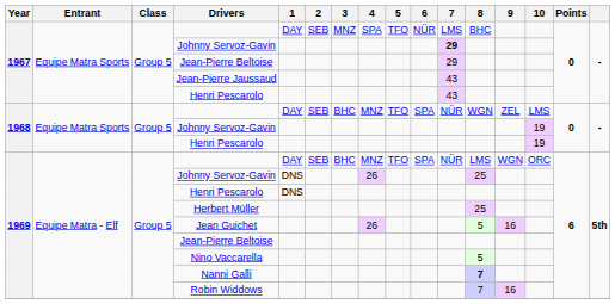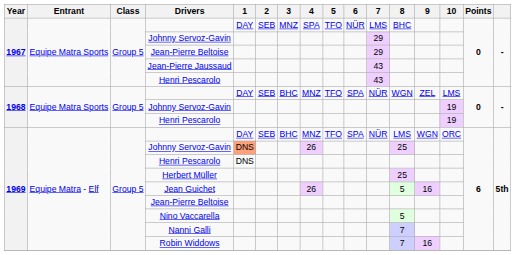 <table class="wikitable" style="text-align:center; font-size:90%">
 <tr>
 <th>Year</th>
 <th>Entrant</th>
 <th>Class</th>
 <th>Drivers</th>
 <th>1</th>
 <th>2</th>
 <th>3</th>
 <th>4</th>
 <th>5</th>
 <th>6</th>
 <th>7</th>
 <th>8</th>
 <th>9</th>
 <th>10</th>
 <th>Points</th>
 <th></th>
 </tr>
 <tr>
 <th rowspan="5"><a href='#'>1967</a></th>
 <td rowspan="5" align="left"><a href='#'>Equipe Matra Sports</a></td>
 <td rowspan="5"><a href='#'>Group 5</a></td>
 <td></td>
 <td><a href='#'>DAY</a></td>
 <td><a href='#'>SEB</a></td>
 <td><a href='#'>MNZ</a></td>
 <td><a href='#'>SPA</a></td>
 <td><a href='#'>TFO</a></td>
 <td><a href='#'>NÜR</a></td>
 <td><a href='#'>LMS</a></td>
 <td><a href='#'>BHC</a></td>
 <td></td>
 <td></td>
 <td rowspan="5"><strong>0</strong></td>
 <td rowspan="5"><strong>-</strong></td>
 </tr>
 <tr>
 <td> <a href='#'>Johnny Servoz-Gavin</a></td>
 <td></td>
 <td></td>
 <td></td>
 <td></td>
 <td></td>
 <td></td>
-<td style="background:#efcfff;"><strong>29</strong></td>
+<td style="background:#efcfff;">29</td>
 <td></td>
 <td></td>
 <td></td>
 </tr>
 <tr>
 <td> <a href='#'>Jean-Pierre Beltoise</a></td>
 <td></td>
 <td></td>
 <td></td>
 <td></td>
 <td></td>
 <td></td>
 <td style="background:#efcfff;">29</td>
 <td></td>
 <td></td>
 <td></td>
 </tr>
 <tr>
 <td> <a href='#'>Jean-Pierre Jaussaud</a></td>
 <td></td>
 <td></td>
 <td></td>
 <td></td>
 <td></td>
 <td></td>
 <td style="background:#efcfff;">43</td>
 <td></td>
 <td></td>
 <td></td>
 </tr>
 <tr>
 <td> <a href='#'>Henri Pescarolo</a></td>
 <td></td>
 <td></td>
 <td></td>
 <td></td>
 <td></td>
 <td></td>
 <td style="background:#efcfff;">43</td>
 <td></td>
 <td></td>
 <td></td>
 </tr>
 <tr>
 <th rowspan="3"><a href='#'>1968</a></th>
 <td rowspan="3" align="left"><a href='#'>Equipe Matra Sports</a></td>
 <td rowspan="3"><a href='#'>Group 5</a></td>
 <td></td>
 <td><a href='#'>DAY</a></td>
 <td><a href='#'>SEB</a></td>
 <td><a href='#'>BHC</a></td>
 <td><a href='#'>MNZ</a></td>
 <td><a href='#'>TFO</a></td>
 <td><a href='#'>SPA</a></td>
 <td><a href='#'>NÜR</a></td>
 <td><a href='#'>WGN</a></td>
 <td><a href='#'>ZEL</a></td>
 <td><a href='#'>LMS</a></td>
 <td rowspan="3"><strong>0</strong></td>
 <td rowspan="3"><strong>-</strong></td>
 </tr>
 <tr>
 <td> <a href='#'>Johnny Servoz-Gavin</a></td>
 <td></td>
 <td></td>
 <td></td>
 <td></td>
 <td></td>
 <td></td>
 <td></td>
 <td></td>
 <td></td>
 <td style="background:#efcfff;">19</td>
 </tr>
 <tr>
 <td> <a href='#'>Henri Pescarolo</a></td>
 <td></td>
 <td></td>
 <td></td>
 <td></td>
 <td></td>
 <td></td>
 <td></td>
 <td></td>
 <td></td>
 <td style="background:#efcfff;">19</td>
 </tr>
 <tr>
 <th rowspan="9"><a href='#'>1969</a></th>
 <td rowspan="9" align="left"><a href='#'>Equipe Matra</a> - <a href='#'>Elf</a></td>
 <td rowspan="9"><a href='#'>Group 5</a></td>
 <td></td>
 <td><a href='#'>DAY</a></td>
 <td><a href='#'>SEB</a></td>
 <td><a href='#'>BHC</a></td>
 <td><a href='#'>MNZ</a></td>
 <td><a href='#'>TFO</a></td>
 <td><a href='#'>SPA</a></td>
 <td><a href='#'>NÜR</a></td>
 <td><a href='#'>LMS</a></td>
 <td><a href='#'>WGN</a></td>
 <td><a href='#'>ORC</a></td>
 <td rowspan="9"><strong>6</strong></td>
 <td rowspan="9"><strong>5th</strong></td>
 </tr>
 <tr>
 <td> <a href='#'>Johnny Servoz-Gavin</a></td>
-<td>DNS</td>
+<td style="background: lightsalmon;">DNS</td>
 <td></td>
 <td></td>
 <td style="background:#efcfff;">26</td>
 <td></td>
 <td></td>
 <td></td>
 <td style="background:#efcfff;">25</td>
 <td></td>
 <td></td>
 </tr>
 <tr>
 <td> <a href='#'>Henri Pescarolo</a></td>
 <td>DNS</td>
 <td></td>
 <td></td>
 <td></td>
 <td></td>
 <td></td>
 <td></td>
 <td></td>
 <td></td>
 <td></td>
 </tr>
 <tr>
 <td> <a href='#'>Herbert Müller</a></td>
 <td></td>
 <td></td>
 <td></td>
 <td></td>
 <td></td>
 <td></td>
 <td></td>
 <td style="background:#efcfff;">25</td>
 <td></td>
 <td></td>
 </tr>
 <tr>
 <td> <a href='#'>Jean Guichet</a></td>
 <td></td>
 <td></td>
 <td></td>
 <td style="background:#efcfff;">26</td>
 <td></td>
 <td></td>
 <td></td>
 <td style="background:#dfffdf;">5</td>
 <td style="background:#efcfff;">16</td>
 <td></td>
 </tr>
 <tr>
 <td> <a href='#'>Jean-Pierre Beltoise</a></td>
 <td></td>
 <td></td>
 <td></td>
 <td></td>
 <td></td>
 <td></td>
 <td></td>
 <td></td>
 <td></td>
 <td></td>
 </tr>
 <tr>
 <td> <a href='#'>Nino Vaccarella</a></td>
 <td></td>
 <td></td>
 <td></td>
 <td></td>
 <td></td>
 <td></td>
 <td></td>
 <td style="background:#dfffdf;">5</td>
 <td></td>
 <td></td>
 </tr>
 <tr>
 <td> <a href='#'>Nanni Galli</a></td>
 <td></td>
 <td></td>
 <td></td>
 <td></td>
 <td></td>
 <td></td>
 <td></td>
-<td style="background:#CFCFFF;"><strong>7</strong></td>
+<td style="background:#CFCFFF;">7</td>
 <td></td>
 <td></td>
 </tr>
 <tr>
 <td> <a href='#'>Robin Widdows</a></td>
 <td></td>
 <td></td>
 <td></td>
 <td></td>
 <td></td>
 <td></td>
 <td></td>
 <td style="background:#CFCFFF;">7</td>
 <td style="background:#efcfff;">16</td>
 <td></td>
 </tr>
 <tr>
 </tr>
 </table>
